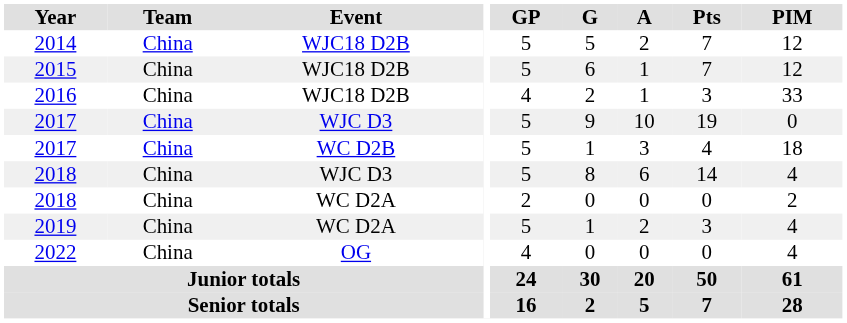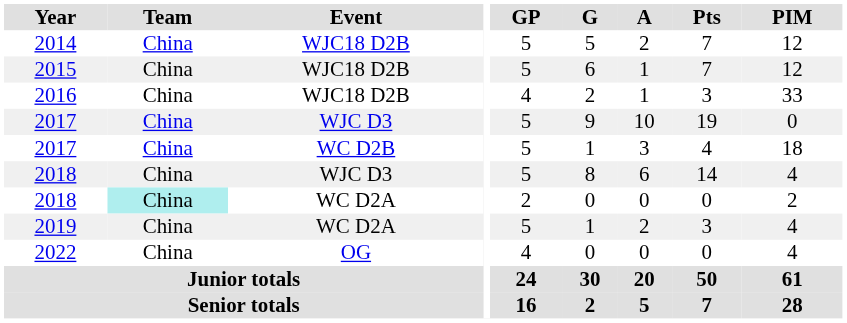 <table border="0" cellpadding="1" cellspacing="0" ID="Table3" style="text-align:center; width:40em">
 <tr ALIGN="center" bgcolor="#e0e0e0">
 <th>Year</th>
 <th>Team</th>
 <th>Event</th>
 <th rowspan="99" bgcolor="#ffffff"></th>
 <th>GP</th>
 <th>G</th>
 <th>A</th>
 <th>Pts</th>
 <th>PIM</th>
 </tr>
 <tr>
 <td><a href='#'>2014</a></td>
 <td><a href='#'>China</a></td>
 <td><a href='#'>WJC18 D2B</a></td>
 <td>5</td>
 <td>5</td>
 <td>2</td>
 <td>7</td>
 <td>12</td>
 </tr>
 <tr bgcolor="#f0f0f0">
 <td><a href='#'>2015</a></td>
 <td>China</td>
 <td>WJC18 D2B</td>
 <td>5</td>
 <td>6</td>
 <td>1</td>
 <td>7</td>
 <td>12</td>
 </tr>
 <tr>
 <td><a href='#'>2016</a></td>
 <td>China</td>
 <td>WJC18 D2B</td>
 <td>4</td>
 <td>2</td>
 <td>1</td>
 <td>3</td>
 <td>33</td>
 </tr>
 <tr bgcolor="#f0f0f0">
 <td><a href='#'>2017</a></td>
 <td><a href='#'>China</a></td>
 <td><a href='#'>WJC D3</a></td>
 <td>5</td>
 <td>9</td>
 <td>10</td>
 <td>19</td>
 <td>0</td>
 </tr>
 <tr>
 <td><a href='#'>2017</a></td>
 <td><a href='#'>China</a></td>
 <td><a href='#'>WC D2B</a></td>
 <td>5</td>
 <td>1</td>
 <td>3</td>
 <td>4</td>
 <td>18</td>
 </tr>
 <tr bgcolor="#f0f0f0">
 <td><a href='#'>2018</a></td>
 <td>China</td>
 <td>WJC D3</td>
 <td>5</td>
 <td>8</td>
 <td>6</td>
 <td>14</td>
 <td>4</td>
 </tr>
 <tr>
 <td><a href='#'>2018</a></td>
-<td>China</td>
+<td style="background: paleturquoise;">China</td>
 <td>WC D2A</td>
 <td>2</td>
 <td>0</td>
 <td>0</td>
 <td>0</td>
 <td>2</td>
 </tr>
 <tr bgcolor="#f0f0f0">
 <td><a href='#'>2019</a></td>
 <td>China</td>
 <td>WC D2A</td>
 <td>5</td>
 <td>1</td>
 <td>2</td>
 <td>3</td>
 <td>4</td>
 </tr>
 <tr>
 <td><a href='#'>2022</a></td>
 <td>China</td>
 <td><a href='#'>OG</a></td>
 <td>4</td>
 <td>0</td>
 <td>0</td>
 <td>0</td>
 <td>4</td>
 </tr>
 <tr bgcolor="#e0e0e0">
 <th colspan="3">Junior totals</th>
 <th>24</th>
 <th>30</th>
 <th>20</th>
 <th>50</th>
 <th>61</th>
 </tr>
 <tr bgcolor="#e0e0e0">
 <th colspan="3">Senior totals</th>
 <th>16</th>
 <th>2</th>
 <th>5</th>
 <th>7</th>
 <th>28</th>
 </tr>
 </table>
